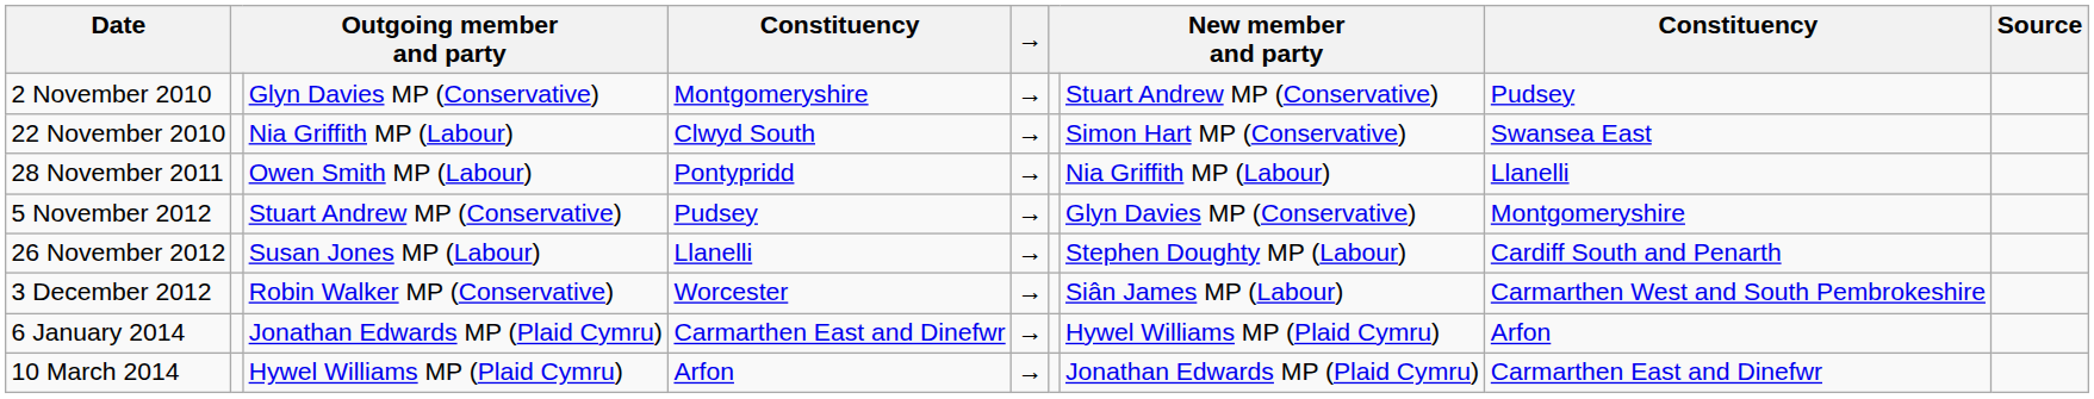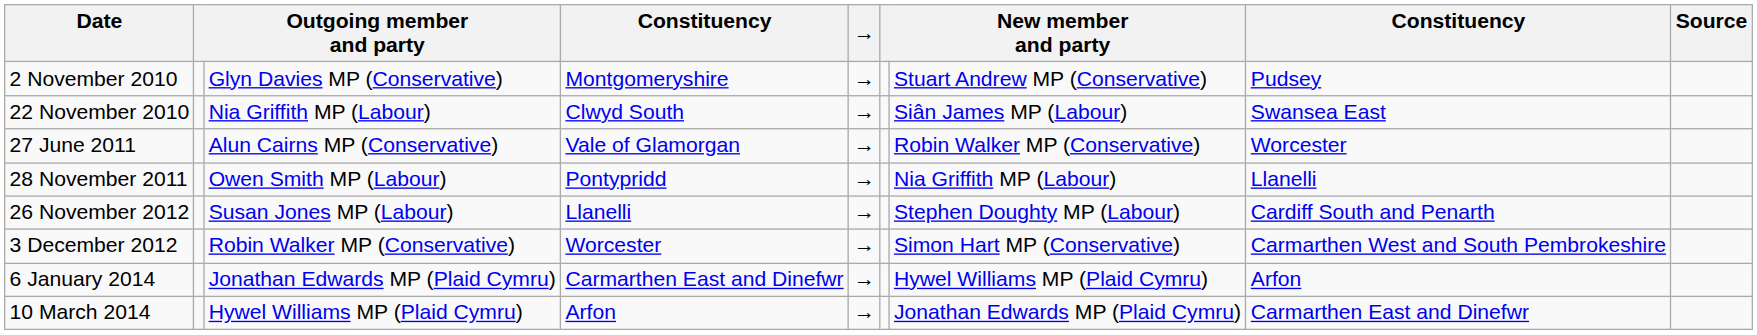 <table class="wikitable">
 <tr>
 <th valign="top">Date</th>
 <th colspan="2" valign="top">Outgoing member<br>and party</th>
 <th valign="top">Constituency</th>
 <th>→</th>
 <th colspan="2" valign="top">New member<br>and party</th>
 <th valign="top">Constituency</th>
 <th valign="top">Source</th>
 </tr>
 <tr>
 <td nowrap>2 November 2010</td>
 <td style="color:inherit;background:"></td>
 <td><a href='#'>Glyn Davies</a> MP (<a href='#'>Conservative</a>)</td>
 <td><a href='#'>Montgomeryshire</a></td>
 <td>→</td>
 <td style="color:inherit;background:"></td>
 <td><a href='#'>Stuart Andrew</a> MP (<a href='#'>Conservative</a>)</td>
 <td><a href='#'>Pudsey</a></td>
 <td></td>
 </tr>
 <tr>
 <td>22 November 2010</td>
 <td style="color:inherit;background:"></td>
 <td><a href='#'>Nia Griffith</a> MP (<a href='#'>Labour</a>)</td>
 <td><a href='#'>Clwyd South</a></td>
 <td>→</td>
 <td style="color:inherit;background:"></td>
-<td><a href='#'>Simon Hart</a> MP (<a href='#'>Conservative</a>)</td>
+<td><a href='#'>Siân James</a> MP (<a href='#'>Labour</a>)</td>
 <td><a href='#'>Swansea East</a></td>
+<td></td>
+</tr>
+<tr>
+<td>27 June 2011</td>
+<td style="color:inherit;background:"></td>
+<td><a href='#'>Alun Cairns</a> MP (<a href='#'>Conservative</a>)</td>
+<td><a href='#'>Vale of Glamorgan</a></td>
+<td>→</td>
+<td style="color:inherit;background:"></td>
+<td><a href='#'>Robin Walker</a> MP (<a href='#'>Conservative</a>)</td>
+<td><a href='#'>Worcester</a></td>
 <td></td>
 </tr>
 <tr>
 <td nowrap>28 November 2011</td>
 <td style="color:inherit;background:"></td>
 <td><a href='#'>Owen Smith</a> MP (<a href='#'>Labour</a>)</td>
 <td><a href='#'>Pontypridd</a></td>
 <td>→</td>
 <td style="color:inherit;background:"></td>
 <td><a href='#'>Nia Griffith</a> MP (<a href='#'>Labour</a>)</td>
 <td><a href='#'>Llanelli</a></td>
-<td></td>
-</tr>
-<tr>
-<td>5 November 2012</td>
-<td style="color:inherit;background:"></td>
-<td><a href='#'>Stuart Andrew</a> MP (<a href='#'>Conservative</a>)</td>
-<td><a href='#'>Pudsey</a></td>
-<td>→</td>
-<td style="color:inherit;background:"></td>
-<td><a href='#'>Glyn Davies</a> MP (<a href='#'>Conservative</a>)</td>
-<td><a href='#'>Montgomeryshire</a></td>
 <td></td>
 </tr>
 <tr>
 <td>26 November 2012</td>
 <td style="color:inherit;background:"></td>
 <td><a href='#'>Susan Jones</a> MP (<a href='#'>Labour</a>)</td>
 <td><a href='#'>Llanelli</a></td>
 <td>→</td>
 <td style="color:inherit;background:"></td>
 <td><a href='#'>Stephen Doughty</a> MP (<a href='#'>Labour</a>)</td>
 <td><a href='#'>Cardiff South and Penarth</a></td>
 <td></td>
 </tr>
 <tr>
 <td>3 December 2012</td>
 <td style="color:inherit;background:"></td>
 <td><a href='#'>Robin Walker</a> MP (<a href='#'>Conservative</a>)</td>
 <td><a href='#'>Worcester</a></td>
 <td>→</td>
 <td style="color:inherit;background:"></td>
-<td><a href='#'>Siân James</a> MP (<a href='#'>Labour</a>)</td>
+<td><a href='#'>Simon Hart</a> MP (<a href='#'>Conservative</a>)</td>
 <td><a href='#'>Carmarthen West and South Pembrokeshire</a></td>
 <td></td>
 </tr>
 <tr>
 <td>6 January 2014</td>
 <td style="color:inherit;background:"></td>
 <td><a href='#'>Jonathan Edwards</a> MP (<a href='#'>Plaid Cymru</a>)</td>
 <td><a href='#'>Carmarthen East and Dinefwr</a></td>
 <td>→</td>
 <td style="color:inherit;background:"></td>
 <td><a href='#'>Hywel Williams</a> MP (<a href='#'>Plaid Cymru</a>)</td>
 <td><a href='#'>Arfon</a></td>
 <td></td>
 </tr>
 <tr>
 <td>10 March 2014</td>
 <td style="color:inherit;background:"></td>
 <td><a href='#'>Hywel Williams</a> MP (<a href='#'>Plaid Cymru</a>)</td>
 <td><a href='#'>Arfon</a></td>
 <td>→</td>
 <td style="color:inherit;background:"></td>
 <td><a href='#'>Jonathan Edwards</a> MP (<a href='#'>Plaid Cymru</a>)</td>
 <td><a href='#'>Carmarthen East and Dinefwr</a></td>
 <td></td>
 </tr>
 </table>
